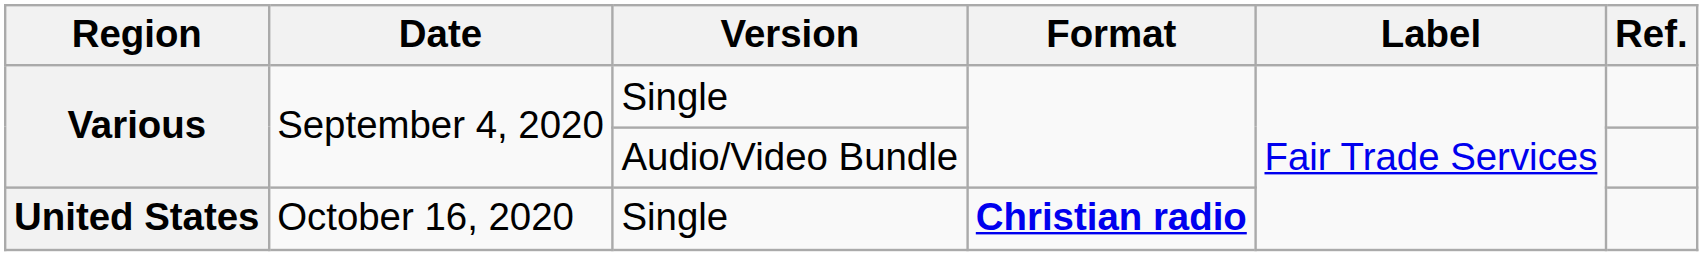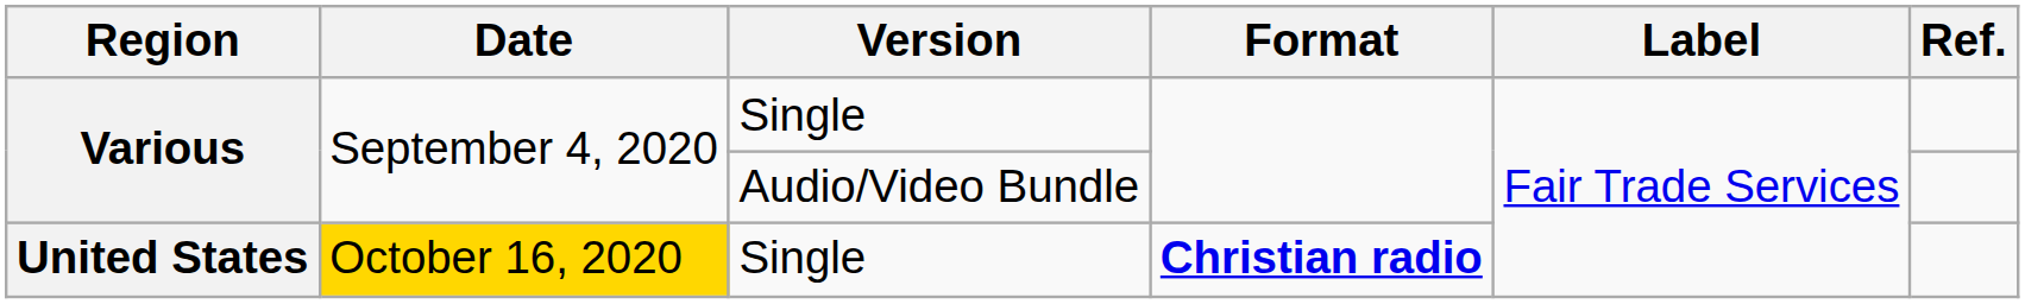 <table class="wikitable plainrowheaders">
 <tr>
 <th scope="col">Region</th>
 <th scope="col">Date</th>
 <th scope="col">Version</th>
 <th scope="col">Format</th>
 <th scope="col">Label</th>
 <th scope="col">Ref.</th>
 </tr>
 <tr>
 <th scope="row" rowspan="2">Various</th>
 <td rowspan="2">September 4, 2020</td>
 <td>Single</td>
 <td rowspan="2"></td>
 <td rowspan="3"><a href='#'>Fair Trade Services</a></td>
 <td></td>
 </tr>
 <tr>
 <td>Audio/Video Bundle<br></td>
 <td></td>
 </tr>
 <tr>
 <th scope="row">United States</th>
-<td>October 16, 2020</td>
+<td style="background: gold;">October 16, 2020</td>
 <td>Single</td>
 <td><strong><a href='#'>Christian radio</a></strong></td>
 <td></td>
 </tr>
 </table>
